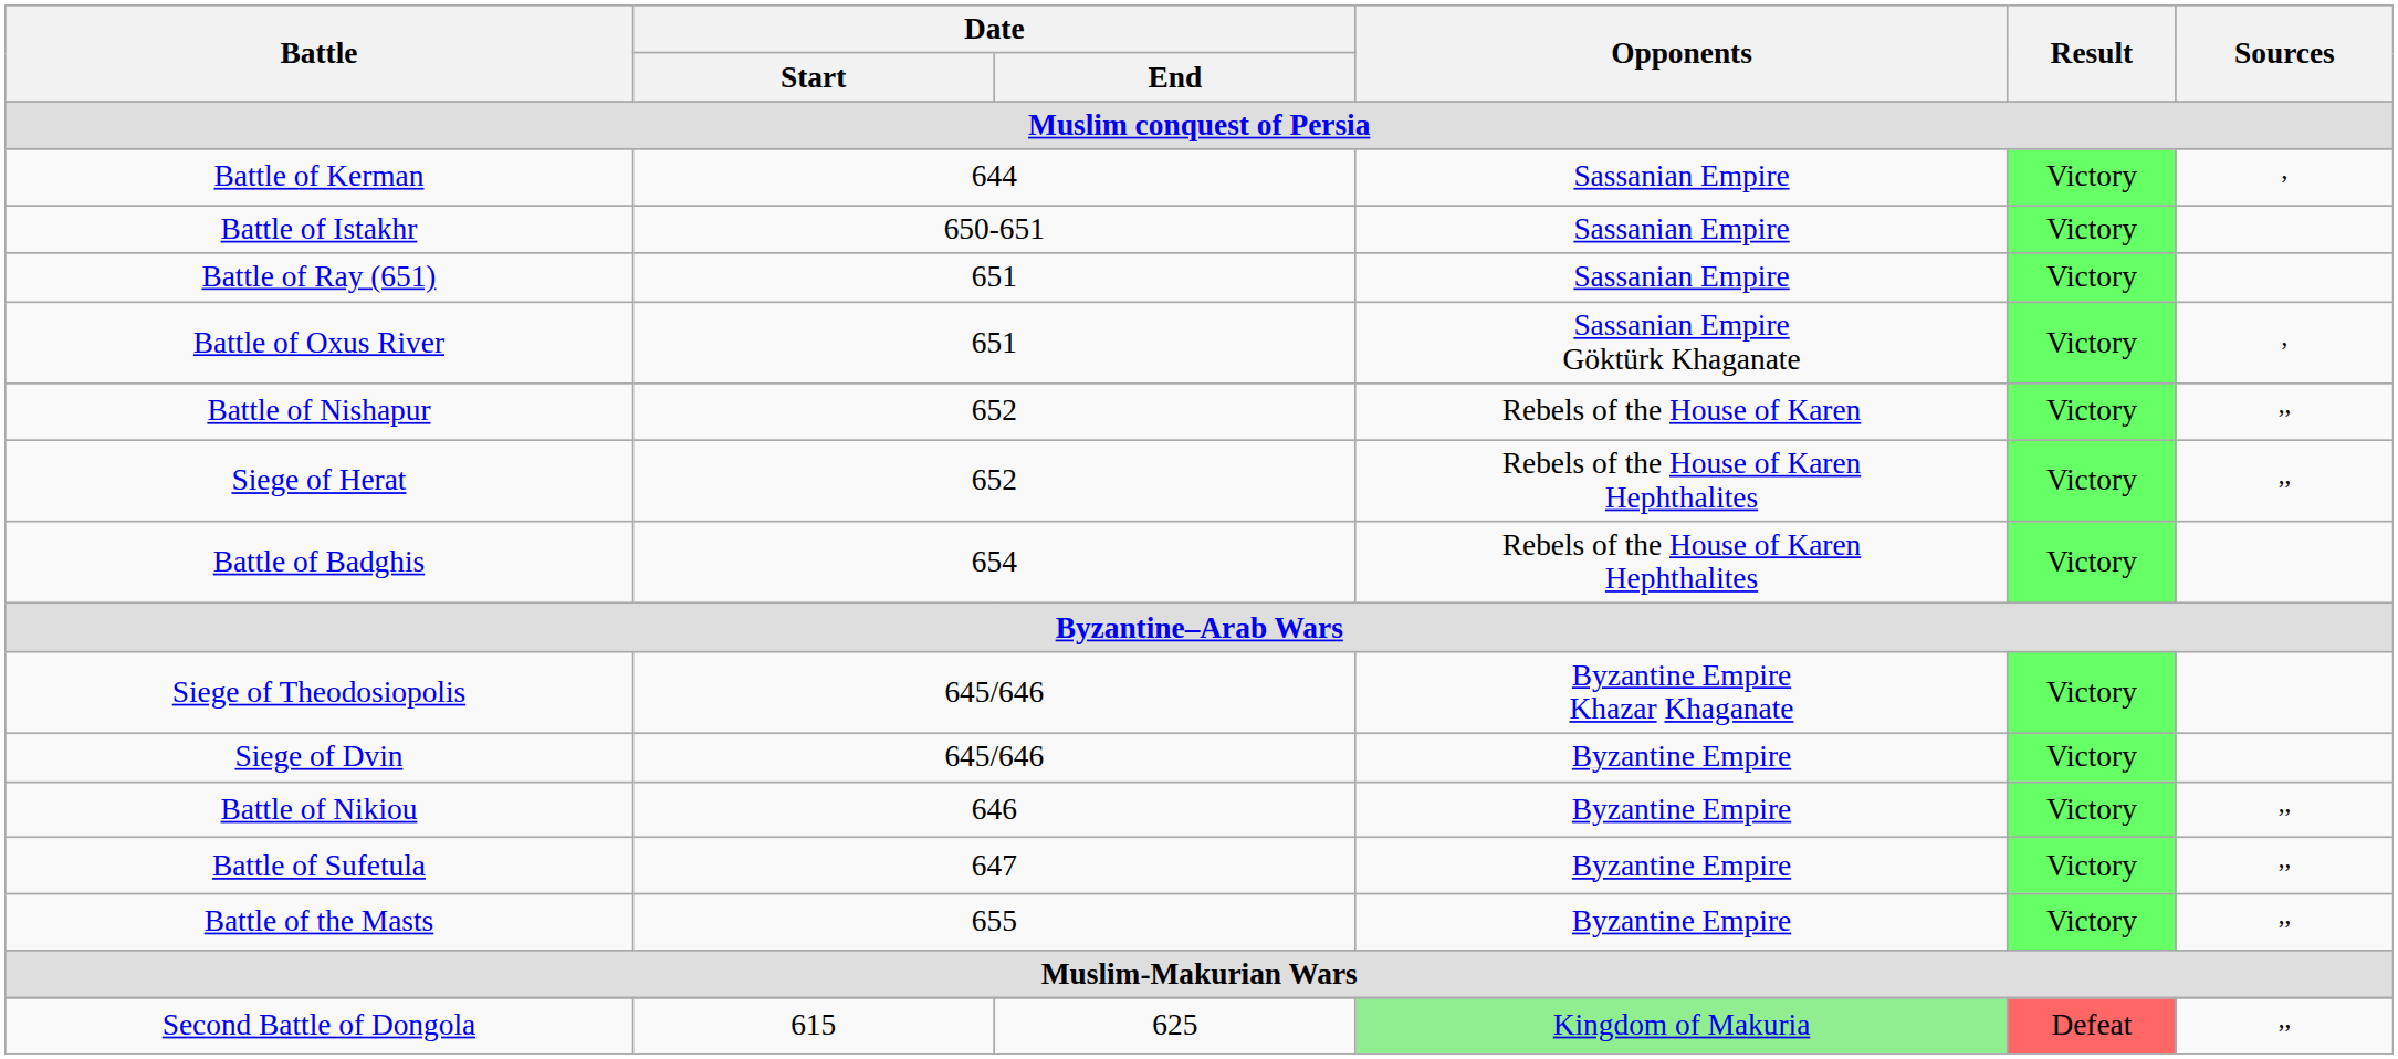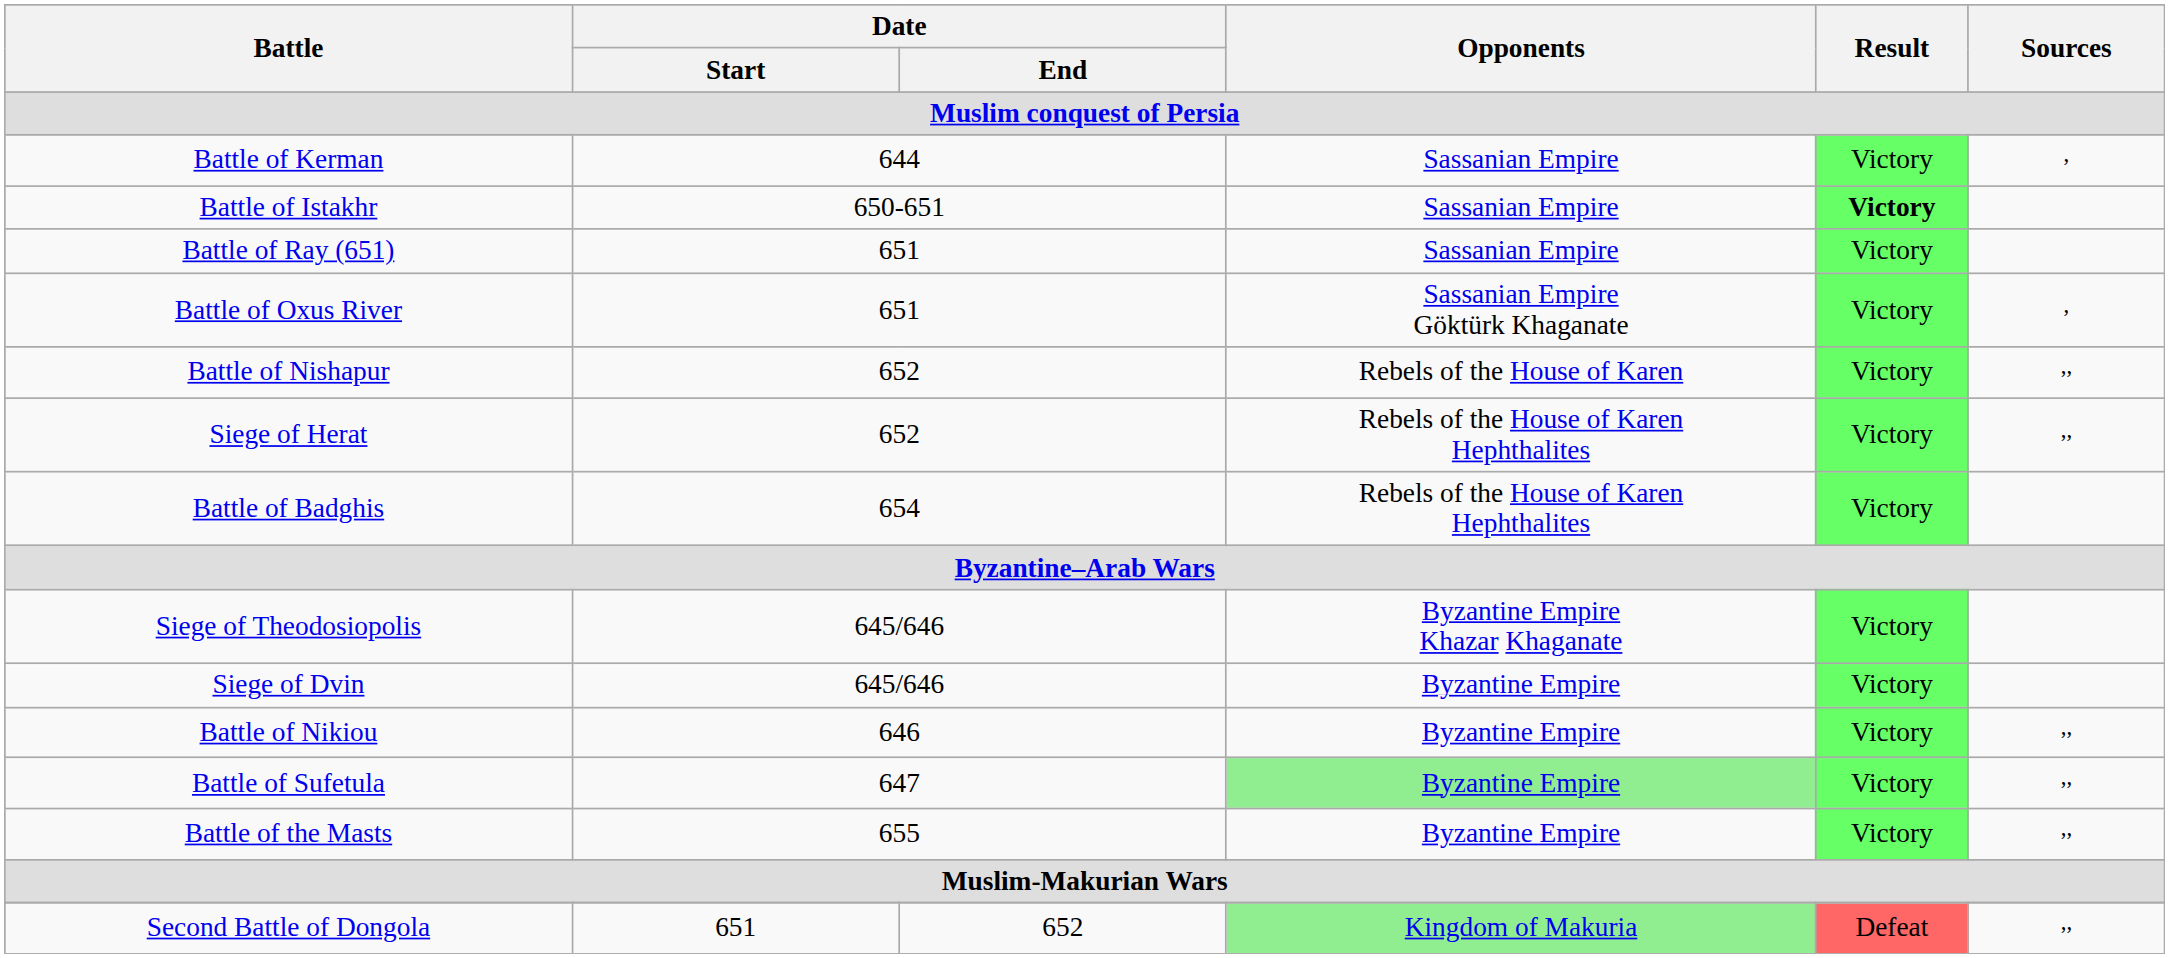 <table class="wikitable" width=100%>
 <tr>
 <th rowspan="2" width=26%>Battle</th>
 <th colspan="2" width=30%>Date</th>
 <th rowspan="2" width=27%>Opponents</th>
 <th rowspan="2" width=7%>Result</th>
 <th rowspan="2" width=9%>Sources</th>
 </tr>
 <tr>
 <th width=15%>Start</th>
 <th width=15%>End</th>
 </tr>
 <tr>
 <td colspan="6" align="center" bgcolor="#DEDEDE"><strong><a href='#'>Muslim conquest of Persia</a></strong></td>
 </tr>
 <tr>
 <td align="center"><a href='#'>Battle of Kerman</a></td>
 <td colspan="2" align="center">644</td>
 <td align="center"> <a href='#'>Sassanian Empire</a></td>
 <td align="center" style="background:#66FF66">Victory</td>
 <td align="center"><sup>,</sup></td>
 </tr>
 <tr>
 <td align="center"><a href='#'>Battle of Istakhr</a></td>
 <td colspan="2" align="center">650-651</td>
 <td align="center"> <a href='#'>Sassanian Empire</a></td>
-<td align="center" style="background:#66FF66">Victory</td>
+<td align="center" style="background:#66FF66"><strong>Victory</strong></td>
 <td align="center"></td>
 </tr>
 <tr>
 <td align="center"><a href='#'>Battle of Ray (651)</a></td>
 <td colspan="2" align="center">651</td>
 <td align="center"> <a href='#'>Sassanian Empire</a></td>
 <td align="center" style="background:#66FF66">Victory</td>
 <td align="center"></td>
 </tr>
 <tr>
 <td align="center"><a href='#'>Battle of Oxus River</a></td>
 <td colspan="2" align="center">651</td>
 <td align="center"><a href='#'>Sassanian Empire</a> <br> Göktürk Khaganate</td>
 <td align="center" style="background:#66FF66">Victory</td>
 <td align="center"><sup>,</sup></td>
 </tr>
 <tr>
 <td align="center"><a href='#'>Battle of Nishapur</a></td>
 <td colspan="2" align="center">652</td>
 <td align="center">Rebels of the <a href='#'>House of Karen</a></td>
 <td align="center" style="background:#66FF66">Victory</td>
 <td align="center"><sup>,</sup><sup>,</sup></td>
 </tr>
 <tr>
 <td align="center"><a href='#'>Siege of Herat</a></td>
 <td colspan="2" align="center">652</td>
 <td align="center">Rebels of the <a href='#'>House of Karen</a><br> <a href='#'>Hephthalites</a></td>
 <td align="center" style="background:#66FF66">Victory</td>
 <td align="center"><sup>,</sup><sup>,</sup></td>
 </tr>
 <tr>
 <td align="center"><a href='#'>Battle of Badghis</a></td>
 <td colspan="2" align="center">654</td>
 <td align="center">Rebels of the <a href='#'>House of Karen</a><br> <a href='#'>Hephthalites</a></td>
 <td align="center" style="background:#66FF66">Victory</td>
 <td align="center"></td>
 </tr>
 <tr>
 <td colspan="6" align="center" bgcolor="#DEDEDE"><strong><a href='#'>Byzantine–Arab Wars</a></strong></td>
 </tr>
 <tr>
 <td align="center"><a href='#'>Siege of Theodosiopolis</a></td>
 <td colspan="2" align="center">645/646</td>
 <td align="center"> <a href='#'>Byzantine Empire</a><br><a href='#'>Khazar</a> <a href='#'>Khaganate</a></td>
 <td align="center" style="background:#66FF66">Victory</td>
 <td align="center"></td>
 </tr>
 <tr>
 <td align="center"><a href='#'>Siege of Dvin</a></td>
 <td colspan="2" align="center">645/646</td>
 <td align="center"> <a href='#'>Byzantine Empire</a></td>
 <td align="center" style="background:#66FF66">Victory</td>
 <td align="center"></td>
 </tr>
 <tr>
 <td align="center"><a href='#'>Battle of Nikiou</a></td>
 <td colspan="2" align="center">646</td>
 <td align="center"> <a href='#'>Byzantine Empire</a></td>
 <td align="center" style="background:#66FF66">Victory</td>
 <td align="center"><sup>,</sup><sup>,</sup></td>
 </tr>
 <tr>
 <td align="center"><a href='#'>Battle of Sufetula</a></td>
 <td colspan="2" align="center">647</td>
-<td align="center"> <a href='#'>Byzantine Empire</a></td>
+<td align="center" style="background: lightgreen;"> <a href='#'>Byzantine Empire</a></td>
 <td align="center" style="background:#66FF66">Victory</td>
 <td align="center"><sup>,</sup><sup>,</sup></td>
 </tr>
 <tr>
 <td align="center"><a href='#'>Battle of the Masts</a></td>
 <td colspan="2" align="center">655</td>
 <td align="center"> <a href='#'>Byzantine Empire</a></td>
 <td align="center" style="background:#66FF66">Victory</td>
 <td align="center"><sup>,</sup><sup>,</sup></td>
 </tr>
 <tr>
 <td colspan="6" align="center" bgcolor="#DEDEDE"><strong>Muslim-Makurian Wars</strong></td>
 </tr>
 <tr>
 </tr>
 <tr>
 <td align="center"><a href='#'>Second Battle of Dongola</a></td>
-<td align="center">615</td>
-<td align="center">625</td>
+<td align="center">651</td>
+<td align="center">652</td>
 <td align="center" style="background: lightgreen;"> <a href='#'>Kingdom of Makuria</a></td>
 <td align="center" style="background:#FF6666">Defeat</td>
 <td align="center"><sup>,</sup><sup>,</sup></td>
 </tr>
 </table>
